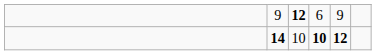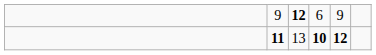 <table class="wikitable">
 <tr>
 <td style="width:18em"></td>
 <td align=center style="width:1em">9</td>
 <td align=center style="width:1em"><strong>12</strong></td>
 <td align=center style="width:1em">6</td>
 <td align=center style="width:1em">9</td>
 <td align=center style="width:1em"></td>
 </tr>
 <tr>
 <td style="width:18em"></td>
-<td align=center style="width:1em"><strong>14</strong></td>
-<td align=center style="width:1em">10</td>
+<td align=center style="width:1em"><strong>11</strong></td>
+<td align=center style="width:1em">13</td>
 <td align=center style="width:1em"><strong>10</strong></td>
 <td align=center style="width:1em"><strong>12</strong></td>
 <td align=center style="width:1em"></td>
 </tr>
 </table>
